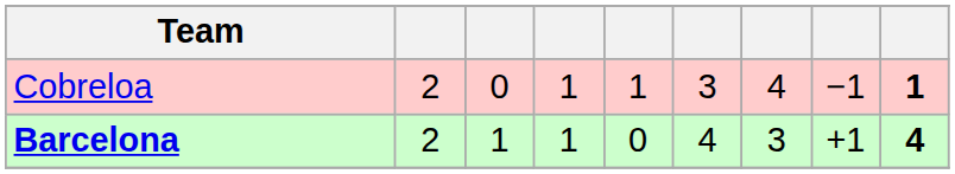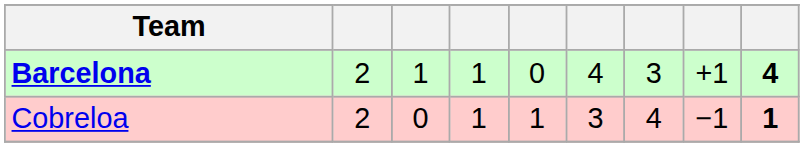 <table class="wikitable" style="text-align:center;">
 <tr>
 </tr>
 <tr>
 <th width="175">Team</th>
 <th width="25"></th>
 <th width="25"></th>
 <th width="25"></th>
 <th width="25"></th>
 <th width="25"></th>
 <th width="25"></th>
 <th width="25"></th>
 <th width="25"></th>
 </tr>
+<tr bgcolor=CCFFCC>
+<td align=left> <strong><a href='#'>Barcelona</a></strong></td>
+<td>2</td>
+<td>1</td>
+<td>1</td>
+<td>0</td>
+<td>4</td>
+<td>3</td>
+<td>+1</td>
+<td><strong>4</strong></td>
+</tr>
 <tr bgcolor=FFCCCC>
 <td align=left> <a href='#'>Cobreloa</a></td>
 <td>2</td>
 <td>0</td>
 <td>1</td>
 <td>1</td>
 <td>3</td>
 <td>4</td>
 <td>−1</td>
 <td><strong>1</strong></td>
 </tr>
-<tr bgcolor=CCFFCC>
-<td align=left> <strong><a href='#'>Barcelona</a></strong></td>
-<td>2</td>
-<td>1</td>
-<td>1</td>
-<td>0</td>
-<td>4</td>
-<td>3</td>
-<td>+1</td>
-<td><strong>4</strong></td>
-</tr>
 <tr>
 </tr>
 </table>
